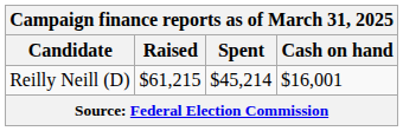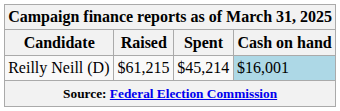 <table class="wikitable sortable">
 <tr>
 <th colspan=4>Campaign finance reports as of March 31, 2025</th>
 </tr>
 <tr style="text-align:center;">
 <th>Candidate</th>
 <th>Raised</th>
 <th>Spent</th>
 <th>Cash on hand</th>
 </tr>
 <tr>
 <td>Reilly Neill (D)</td>
 <td>$61,215</td>
 <td>$45,214</td>
-<td>$16,001</td>
+<td style="background: lightblue;">$16,001</td>
 </tr>
 <tr>
 <th colspan="4"><small>Source: <a href='#'>Federal Election Commission</a></small></th>
 </tr>
 </table>
